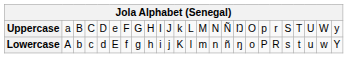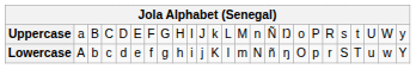 <table class="wikitable" style="text-align: center; vertical-align: middle;">
 <tr>
 <th colspan="25">Jola Alphabet (Senegal)</th>
 </tr>
 <tr ---->
 <th>Uppercase</th>
 <td>a</td>
 <td>B</td>
 <td>C</td>
 <td>D</td>
-<td>e</td>
+<td>E</td>
 <td>F</td>
 <td>G</td>
 <td>H</td>
 <td>I</td>
 <td>J</td>
 <td>k</td>
 <td>L</td>
 <td>M</td>
-<td>N</td>
+<td>n</td>
 <td>Ñ</td>
 <td>Ŋ</td>
-<td>O</td>
-<td>p</td>
-<td>r</td>
-<td>S</td>
-<td>T</td>
+<td>o</td>
+<td>P</td>
+<td>R</td>
+<td>s</td>
+<td>t</td>
 <td>U</td>
 <td>W</td>
 <td>y</td>
 </tr>
 <tr ---->
 <th>Lowercase</th>
 <td>A</td>
 <td>b</td>
 <td>c</td>
 <td>d</td>
-<td>E</td>
+<td>e</td>
 <td>f</td>
 <td>g</td>
 <td>h</td>
 <td>i</td>
 <td>j</td>
 <td>K</td>
 <td>l</td>
 <td>m</td>
-<td>n</td>
+<td>N</td>
 <td>ñ</td>
 <td>ŋ</td>
-<td>o</td>
-<td>P</td>
-<td>R</td>
-<td>s</td>
-<td>t</td>
+<td>O</td>
+<td>p</td>
+<td>r</td>
+<td>S</td>
+<td>T</td>
 <td>u</td>
 <td>w</td>
 <td>Y</td>
 </tr>
 </table>
